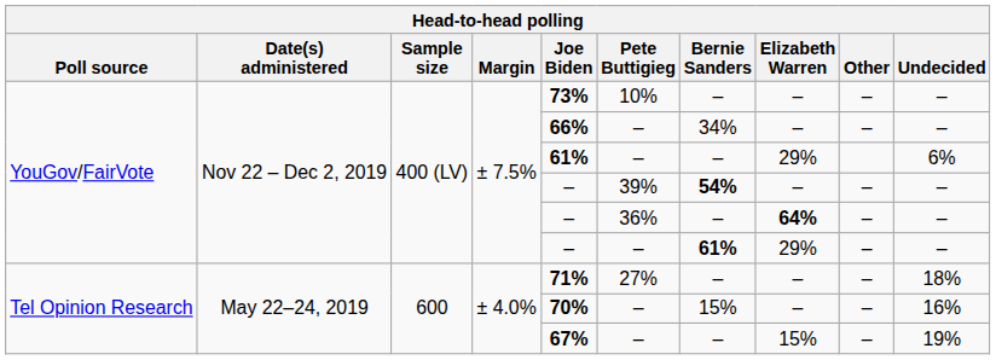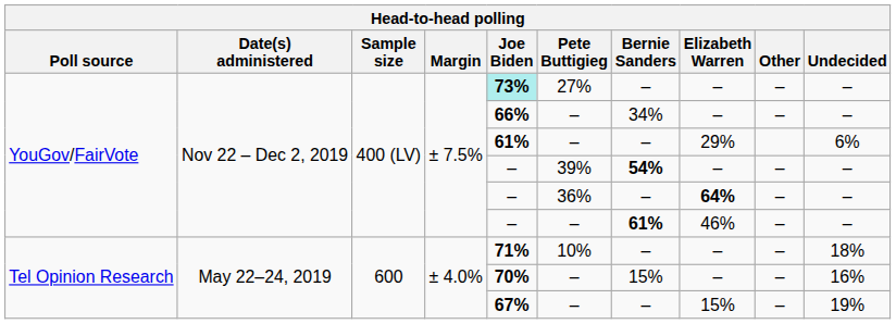 <table class="wikitable mw-collapsed mw-collapsible" style="font-size:90%;text-align:center;">
 <tr valign=bottom style="font-size:90%;">
 <th colspan=10>Head-to-head polling</th>
 </tr>
 <tr valign=bottom style="font-size:90%;">
 <th>Poll source</th>
 <th>Date(s)<br>administered</th>
 <th>Sample<br>size</th>
 <th>Margin<br></th>
 <th>Joe<br>Biden</th>
 <th>Pete<br>Buttigieg</th>
 <th>Bernie<br>Sanders</th>
 <th>Elizabeth<br>Warren</th>
 <th>Other</th>
 <th>Undecided</th>
 </tr>
 <tr>
 <td rowspan=6 style="text-align:left;"><a href='#'>YouGov</a>/<a href='#'>FairVote</a></td>
 <td rowspan=6>Nov 22 – Dec 2, 2019</td>
 <td rowspan=6>400 (LV)</td>
 <td rowspan=6>± 7.5%</td>
-<td><strong>73%</strong></td>
-<td>10%</td>
+<td style="background: paleturquoise;"><strong>73%</strong></td>
+<td>27%</td>
 <td>–</td>
 <td>–</td>
 <td>–</td>
 <td>–</td>
 </tr>
 <tr>
 <td><strong>66%</strong></td>
 <td>–</td>
 <td>34%</td>
 <td>–</td>
 <td>–</td>
 <td>–</td>
 </tr>
 <tr>
 <td><strong>61%</strong></td>
 <td>–</td>
 <td>–</td>
 <td>29%</td>
 <td></td>
 <td>6%</td>
 </tr>
 <tr>
 <td>–</td>
 <td>39%</td>
 <td><strong>54%</strong></td>
 <td>–</td>
 <td>–</td>
 <td>–</td>
 </tr>
 <tr>
 <td>–</td>
 <td>36%</td>
 <td>–</td>
 <td><strong>64%</strong></td>
 <td>–</td>
 <td>–</td>
 </tr>
 <tr>
 <td>–</td>
 <td>–</td>
 <td><strong>61%</strong></td>
-<td>29%</td>
+<td>46%</td>
 <td>–</td>
 <td>–</td>
 </tr>
 <tr>
 <td rowspan=3 style="text-align:left;"><a href='#'>Tel Opinion Research</a></td>
 <td rowspan=3>May 22–24, 2019</td>
 <td rowspan=3>600</td>
 <td rowspan=3>± 4.0%</td>
 <td><strong>71%</strong></td>
-<td>27%</td>
+<td>10%</td>
 <td>–</td>
 <td>–</td>
 <td>–</td>
 <td>18%</td>
 </tr>
 <tr>
 <td><strong>70%</strong></td>
 <td>–</td>
 <td>15%</td>
 <td>–</td>
 <td>–</td>
 <td>16%</td>
 </tr>
 <tr>
 <td><strong>67%</strong></td>
 <td>–</td>
 <td>–</td>
 <td>15%</td>
 <td>–</td>
 <td>19%</td>
 </tr>
 </table>
